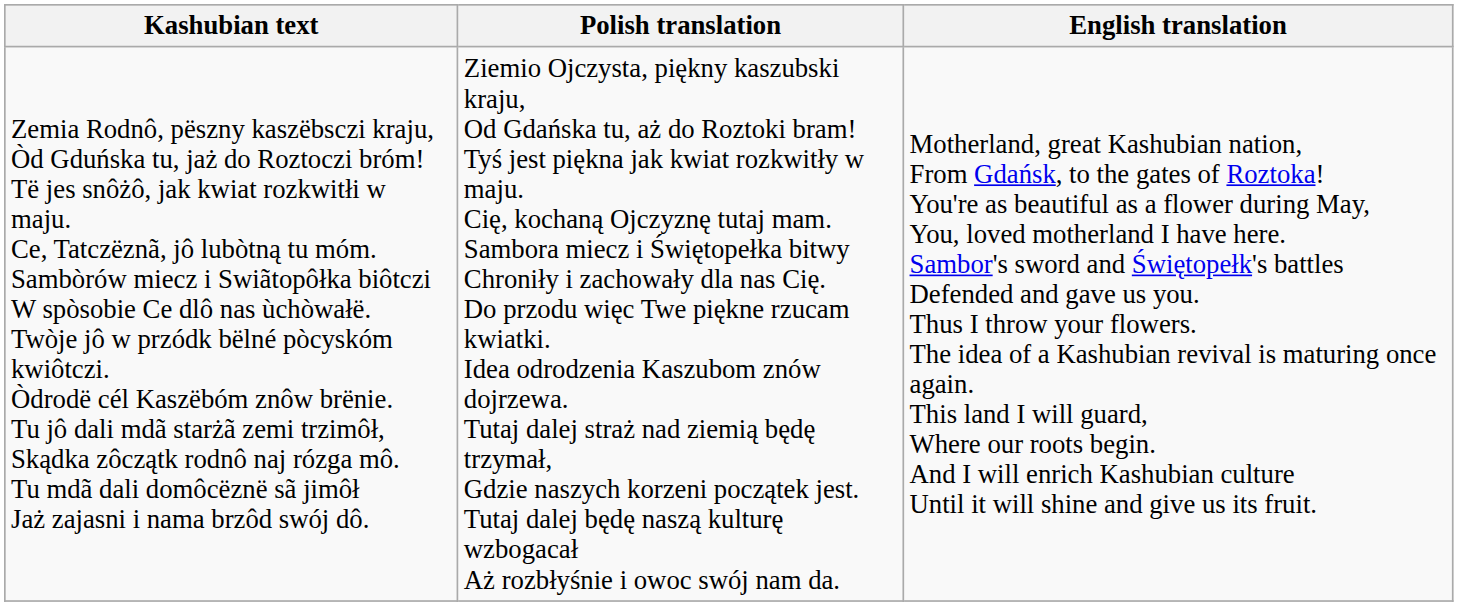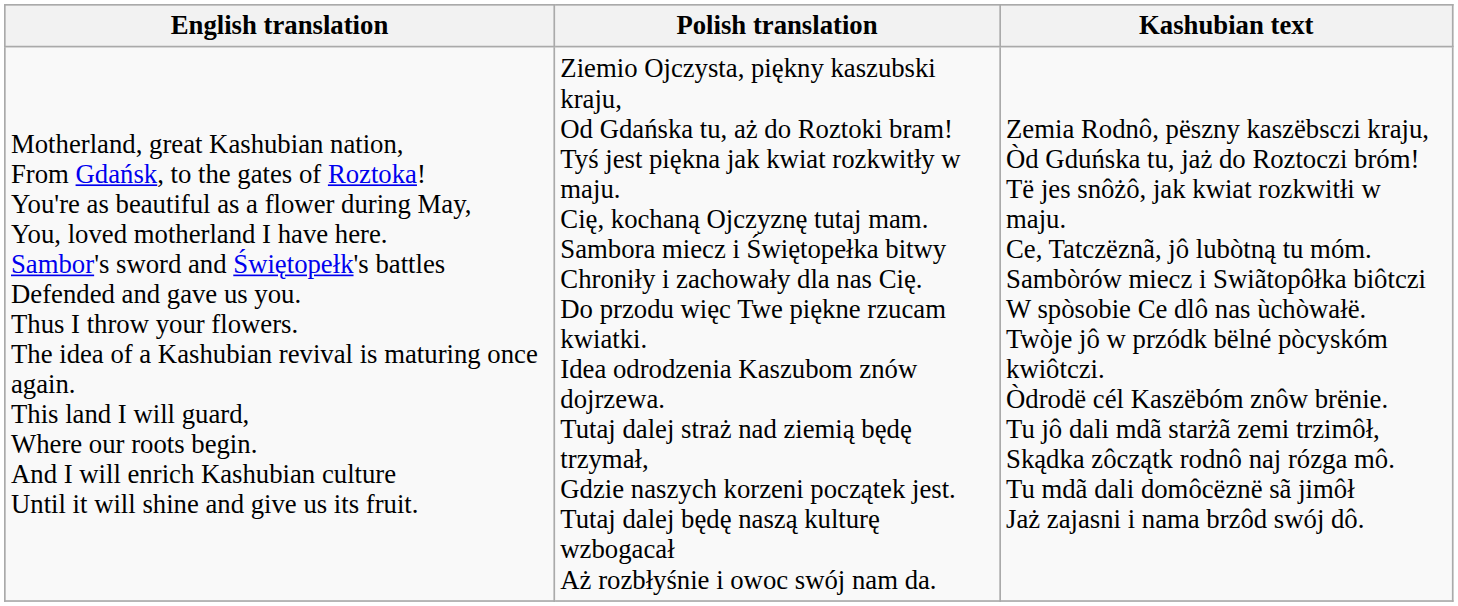 <table class="wikitable">
 <tr>
+<th>English translation</th>
+<th>Polish translation</th>
 <th>Kashubian text</th>
-<th>Polish translation</th>
-<th>English translation</th>
 </tr>
 <tr>
+<td>Motherland, great Kashubian nation,<br>From <a href='#'>Gdańsk</a>, to the gates of <a href='#'>Roztoka</a>!<br>You're as beautiful as a flower during May,<br>You, loved motherland I have here.<br><a href='#'>Sambor</a>'s sword and <a href='#'>Świętopełk</a>'s battles<br>Defended and gave us you.<br>Thus I throw your flowers.<br>The idea of a Kashubian revival is maturing once again.<br>This land I will guard,<br>Where our roots begin.<br>And I will enrich Kashubian culture<br>Until it will shine and give us its fruit.</td>
+<td>Ziemio Ojczysta, piękny kaszubski kraju,<br>Od Gdańska tu, aż do Roztoki bram!<br>Tyś jest piękna jak kwiat rozkwitły w maju.<br>Cię, kochaną Ojczyznę tutaj mam.<br>Sambora miecz i Świętopełka bitwy<br>Chroniły i zachowały dla nas Cię.<br>Do przodu więc Twe piękne rzucam kwiatki.<br>Idea odrodzenia Kaszubom znów dojrzewa.<br>Tutaj dalej straż nad ziemią będę trzymał,<br>Gdzie naszych korzeni początek jest.<br>Tutaj dalej będę naszą kulturę wzbogacał<br>Aż rozbłyśnie i owoc swój nam da.</td>
 <td>Zemia Rodnô, pëszny kaszëbsczi kraju,<br>Òd Gduńska tu, jaż do Roztoczi bróm!<br>Të jes snôżô, jak kwiat rozkwitłi w maju.<br>Ce, Tatczëznã, jô lubòtną tu móm.<br>Sambòrów miecz i Swiãtopôłka biôtczi<br>W spòsobie Ce dlô nas ùchòwałë.<br>Twòje jô w przódk bëlné pòcyskóm kwiôtczi.<br>Òdrodë cél Kaszëbóm znôw brënie.<br>Tu jô dali mdã starżã zemi trzimôł,<br>Skądka zôczątk rodnô naj rózga mô.<br>Tu mdã dali domôcëznë sã jimôł<br>Jaż zajasni i nama brzôd swój dô.</td>
-<td>Ziemio Ojczysta, piękny kaszubski kraju,<br>Od Gdańska tu, aż do Roztoki bram!<br>Tyś jest piękna jak kwiat rozkwitły w maju.<br>Cię, kochaną Ojczyznę tutaj mam.<br>Sambora miecz i Świętopełka bitwy<br>Chroniły i zachowały dla nas Cię.<br>Do przodu więc Twe piękne rzucam kwiatki.<br>Idea odrodzenia Kaszubom znów dojrzewa.<br>Tutaj dalej straż nad ziemią będę trzymał,<br>Gdzie naszych korzeni początek jest.<br>Tutaj dalej będę naszą kulturę wzbogacał<br>Aż rozbłyśnie i owoc swój nam da.</td>
-<td>Motherland, great Kashubian nation,<br>From <a href='#'>Gdańsk</a>, to the gates of <a href='#'>Roztoka</a>!<br>You're as beautiful as a flower during May,<br>You, loved motherland I have here.<br><a href='#'>Sambor</a>'s sword and <a href='#'>Świętopełk</a>'s battles<br>Defended and gave us you.<br>Thus I throw your flowers.<br>The idea of a Kashubian revival is maturing once again.<br>This land I will guard,<br>Where our roots begin.<br>And I will enrich Kashubian culture<br>Until it will shine and give us its fruit.</td>
 </tr>
 </table>
